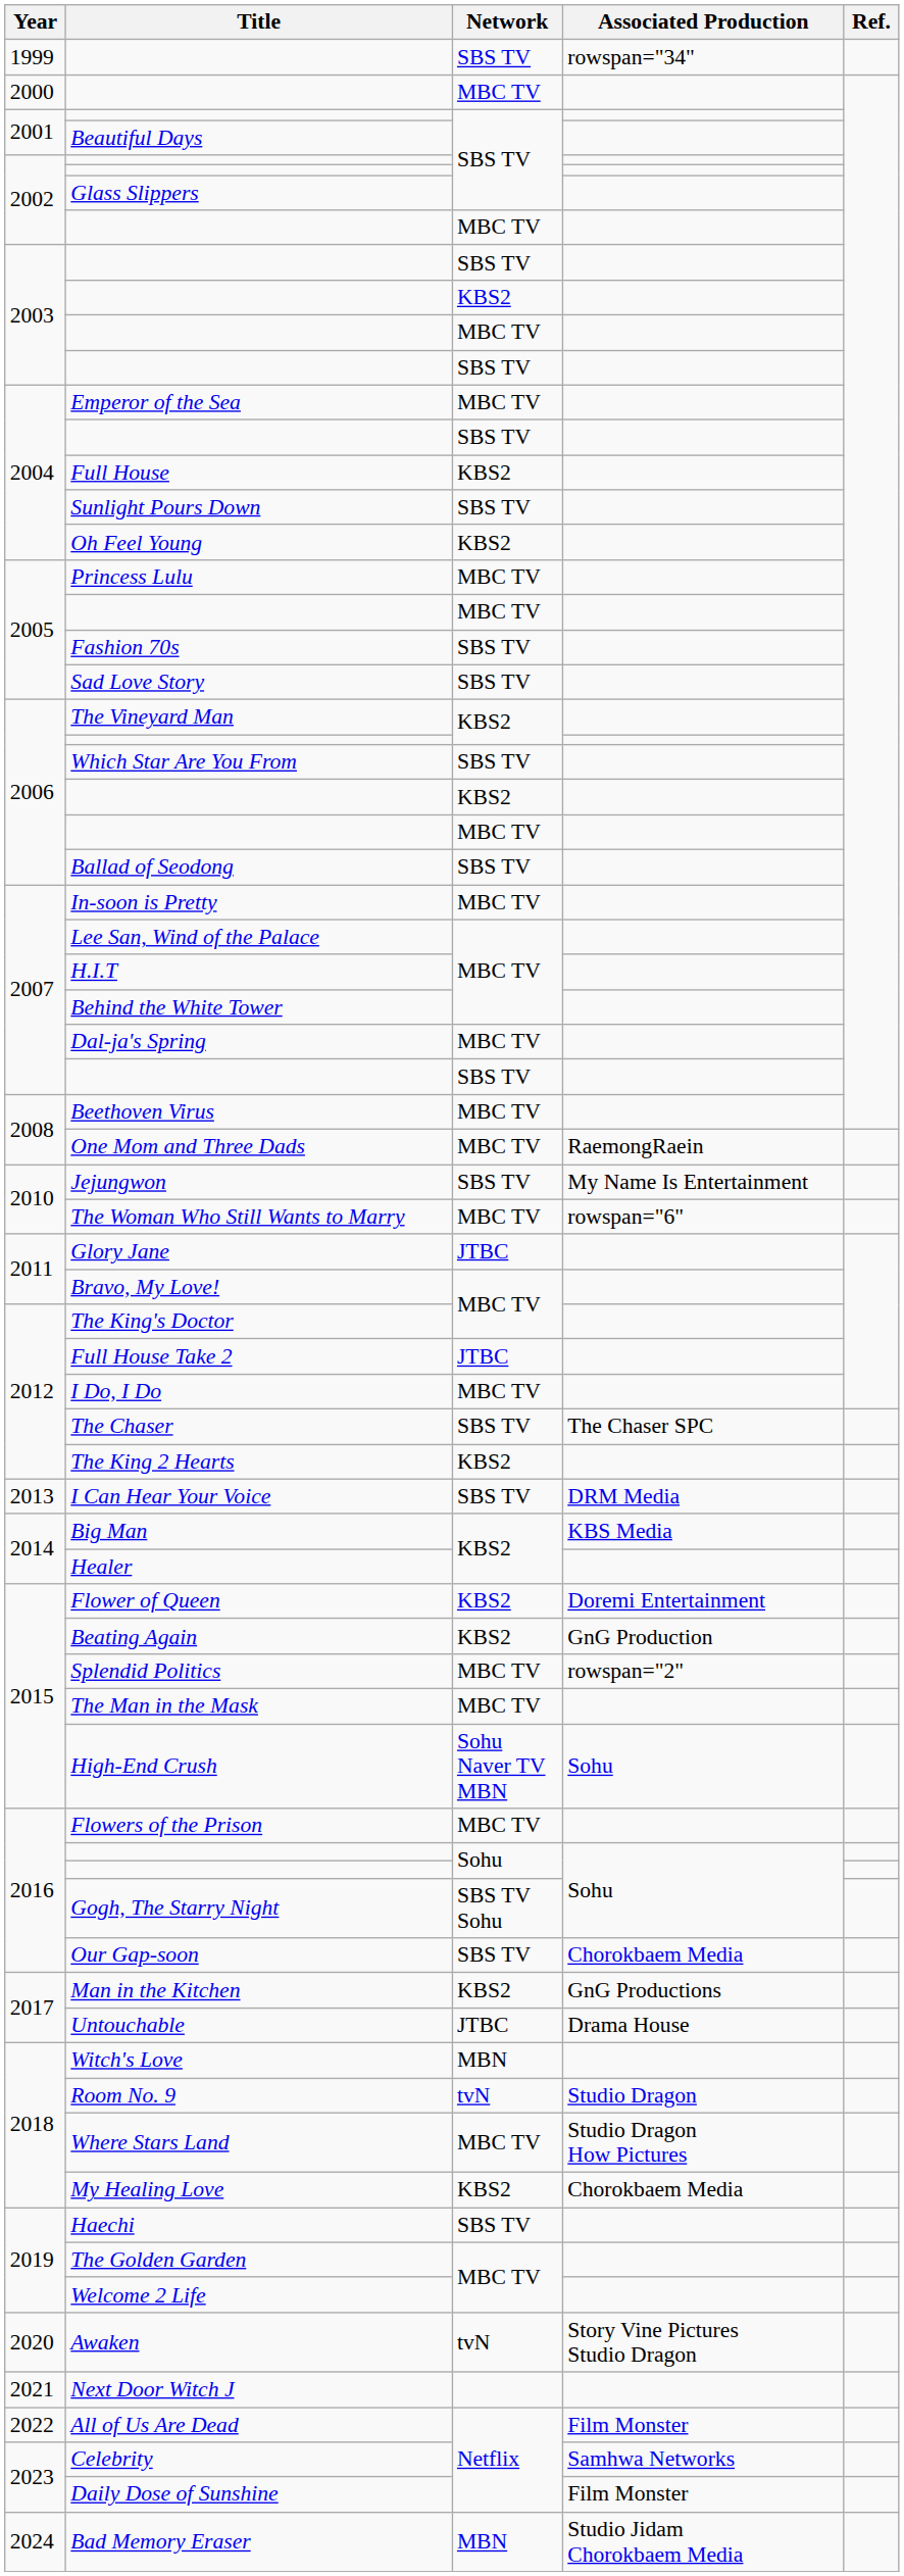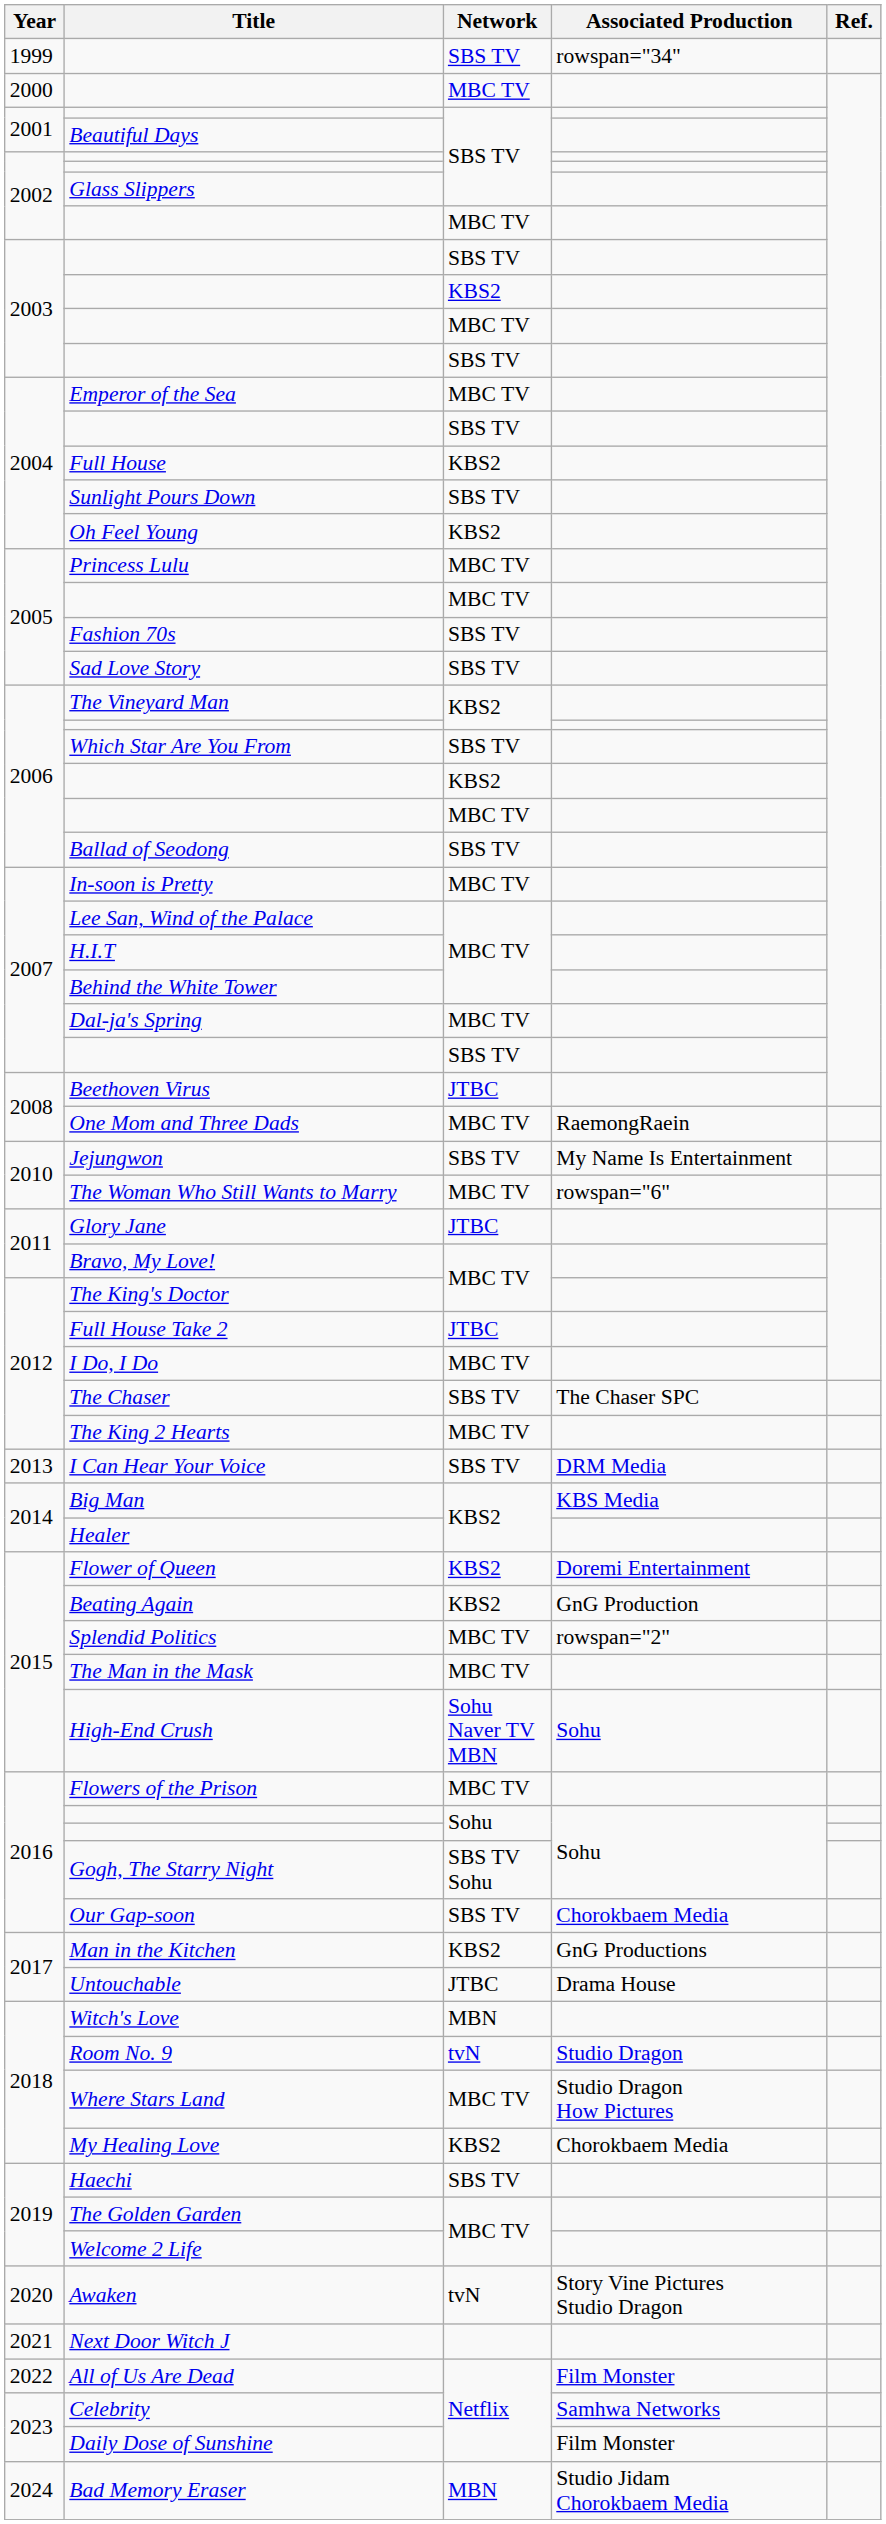 <table class="wikitable" style="width:650px">
 <tr>
 <th>Year</th>
 <th>Title</th>
 <th>Network</th>
 <th>Associated Production</th>
 <th>Ref.</th>
 </tr>
 <tr>
 <td>1999</td>
 <td><em></em></td>
 <td><a href='#'>SBS TV</a></td>
 <td>rowspan="34" </td>
 <td></td>
 </tr>
 <tr>
 <td>2000</td>
 <td><em></em></td>
 <td><a href='#'>MBC TV</a></td>
 <td></td>
 </tr>
 <tr>
 <td rowspan="2">2001</td>
 <td><em></em></td>
 <td rowspan="5">SBS TV</td>
 <td></td>
 </tr>
 <tr>
 <td><em><a href='#'>Beautiful Days</a></em></td>
 <td></td>
 </tr>
 <tr>
 <td rowspan="4">2002</td>
 <td><em></em></td>
 <td></td>
 </tr>
 <tr>
 <td><em></em></td>
 <td></td>
 </tr>
 <tr>
 <td><em><a href='#'>Glass Slippers</a></em></td>
 <td></td>
 </tr>
 <tr>
 <td><em></em></td>
 <td>MBC TV</td>
 <td></td>
 </tr>
 <tr>
 <td rowspan="4">2003</td>
 <td><em></em></td>
 <td>SBS TV</td>
 <td></td>
 </tr>
 <tr>
 <td><em></em></td>
 <td><a href='#'>KBS2</a></td>
 <td></td>
 </tr>
 <tr>
 <td><em></em></td>
 <td>MBC TV</td>
 <td></td>
 </tr>
 <tr>
 <td><em></em></td>
 <td>SBS TV</td>
 <td></td>
 </tr>
 <tr>
 <td rowspan="5">2004</td>
 <td><em><a href='#'>Emperor of the Sea</a></em></td>
 <td>MBC TV</td>
 <td></td>
 </tr>
 <tr>
 <td><em></em></td>
 <td>SBS TV</td>
 <td></td>
 </tr>
 <tr>
 <td><em><a href='#'>Full House</a></em></td>
 <td>KBS2</td>
 <td></td>
 </tr>
 <tr>
 <td><em><a href='#'>Sunlight Pours Down</a></em></td>
 <td>SBS TV</td>
 <td></td>
 </tr>
 <tr>
 <td><em><a href='#'>Oh Feel Young</a></em></td>
 <td>KBS2</td>
 <td></td>
 </tr>
 <tr>
 <td rowspan="4">2005</td>
 <td><em><a href='#'>Princess Lulu</a></em></td>
 <td>MBC TV</td>
 <td></td>
 </tr>
 <tr>
 <td><em></em></td>
 <td>MBC TV</td>
 <td></td>
 </tr>
 <tr>
 <td><em><a href='#'>Fashion 70s</a></em></td>
 <td>SBS TV</td>
 <td></td>
 </tr>
 <tr>
 <td><em><a href='#'>Sad Love Story</a></em></td>
 <td>SBS TV</td>
 <td></td>
 </tr>
 <tr>
 <td rowspan="6">2006</td>
 <td><em><a href='#'>The Vineyard Man</a></em></td>
 <td rowspan="2">KBS2</td>
 <td></td>
 </tr>
 <tr>
 <td><em></em></td>
 <td></td>
 </tr>
 <tr>
 <td><em><a href='#'>Which Star Are You From</a></em></td>
 <td>SBS TV</td>
 <td></td>
 </tr>
 <tr>
 <td><em></em></td>
 <td>KBS2</td>
 <td></td>
 </tr>
 <tr>
 <td><em></em></td>
 <td>MBC TV</td>
 <td></td>
 </tr>
 <tr>
 <td><em><a href='#'>Ballad of Seodong</a></em></td>
 <td>SBS TV</td>
 <td></td>
 </tr>
 <tr>
 <td rowspan="6">2007</td>
 <td><em><a href='#'>In-soon is Pretty</a></em></td>
 <td>MBC TV</td>
 <td></td>
 </tr>
 <tr>
 <td><em><a href='#'>Lee San, Wind of the Palace</a></em></td>
 <td rowspan="3">MBC TV</td>
 <td></td>
 </tr>
 <tr>
 <td><em><a href='#'>H.I.T</a></em></td>
 <td></td>
 </tr>
 <tr>
 <td><em><a href='#'>Behind the White Tower</a></em></td>
 <td></td>
 </tr>
 <tr>
 <td><em><a href='#'>Dal-ja's Spring</a></em></td>
 <td>MBC TV</td>
 <td></td>
 </tr>
 <tr>
 <td><em></em></td>
 <td>SBS TV</td>
 <td></td>
 </tr>
 <tr>
 <td rowspan="2">2008</td>
 <td><em><a href='#'>Beethoven Virus</a></em></td>
-<td>MBC TV</td>
+<td><a href='#'>JTBC</a></td>
 <td></td>
 </tr>
 <tr>
 <td><em><a href='#'>One Mom and Three Dads</a></em></td>
 <td>MBC TV</td>
 <td>RaemongRaein</td>
 <td></td>
 </tr>
 <tr>
 <td rowspan="2">2010</td>
 <td><em><a href='#'>Jejungwon</a></em></td>
 <td>SBS TV</td>
 <td>My Name Is Entertainment</td>
 <td></td>
 </tr>
 <tr>
 <td><em><a href='#'>The Woman Who Still Wants to Marry</a></em></td>
 <td>MBC TV</td>
 <td>rowspan="6" </td>
 <td></td>
 </tr>
 <tr>
 <td rowspan="2">2011</td>
 <td><em><a href='#'>Glory Jane</a></em></td>
 <td><a href='#'>JTBC</a></td>
 <td></td>
 </tr>
 <tr>
 <td><em><a href='#'>Bravo, My Love!</a></em></td>
 <td rowspan="2">MBC TV</td>
 <td></td>
 </tr>
 <tr>
 <td rowspan="5">2012</td>
 <td><em><a href='#'>The King's Doctor</a></em></td>
 <td></td>
 </tr>
 <tr>
 <td><em><a href='#'>Full House Take 2</a></em></td>
 <td><a href='#'>JTBC</a></td>
 <td></td>
 </tr>
 <tr>
 <td><em><a href='#'>I Do, I Do</a></em></td>
 <td>MBC TV</td>
 <td></td>
 </tr>
 <tr>
 <td><em><a href='#'>The Chaser</a></em></td>
 <td>SBS TV</td>
 <td>The Chaser SPC</td>
 <td></td>
 </tr>
 <tr>
 <td><em><a href='#'>The King 2 Hearts</a></em></td>
-<td>KBS2</td>
+<td>MBC TV</td>
 <td></td>
 <td></td>
 </tr>
 <tr>
 <td>2013</td>
 <td><em><a href='#'>I Can Hear Your Voice</a></em></td>
 <td>SBS TV</td>
 <td><a href='#'>DRM Media</a></td>
 <td></td>
 </tr>
 <tr>
 <td rowspan="2">2014</td>
 <td><em><a href='#'>Big Man</a></em></td>
 <td rowspan="2">KBS2</td>
 <td><a href='#'>KBS Media</a></td>
 <td></td>
 </tr>
 <tr>
 <td><em><a href='#'>Healer</a></em></td>
 <td></td>
 <td></td>
 </tr>
 <tr>
 <td rowspan="5">2015</td>
 <td><em><a href='#'>Flower of Queen</a></em></td>
 <td><a href='#'>KBS2</a></td>
 <td><a href='#'>Doremi Entertainment</a></td>
 <td></td>
 </tr>
 <tr>
 <td><em><a href='#'>Beating Again</a></em></td>
 <td>KBS2</td>
 <td>GnG Production</td>
 <td></td>
 </tr>
 <tr>
 <td><em><a href='#'>Splendid Politics</a></em></td>
 <td>MBC TV</td>
 <td>rowspan="2" </td>
 <td></td>
 </tr>
 <tr>
 <td><em><a href='#'>The Man in the Mask</a></em></td>
 <td>MBC TV</td>
 <td></td>
 </tr>
 <tr>
 <td><em><a href='#'>High-End Crush</a></em></td>
 <td><a href='#'>Sohu</a><br><a href='#'>Naver TV</a><br><a href='#'>MBN</a></td>
 <td><a href='#'>Sohu</a></td>
 <td></td>
 </tr>
 <tr>
 <td rowspan="5">2016</td>
 <td><em><a href='#'>Flowers of the Prison</a></em></td>
 <td>MBC TV</td>
 <td></td>
 <td></td>
 </tr>
 <tr>
 <td><em></em></td>
 <td rowspan="2">Sohu</td>
 <td rowspan="3">Sohu</td>
 <td></td>
 </tr>
 <tr>
 <td><em></em></td>
 <td></td>
 </tr>
 <tr>
 <td><em><a href='#'>Gogh, The Starry Night</a></em></td>
 <td>SBS TV<br>Sohu</td>
 <td></td>
 </tr>
 <tr>
 <td><em><a href='#'>Our Gap-soon</a></em></td>
 <td>SBS TV</td>
 <td><a href='#'>Chorokbaem Media</a></td>
 <td></td>
 </tr>
 <tr>
 <td rowspan="2">2017</td>
 <td><em><a href='#'>Man in the Kitchen</a></em></td>
 <td>KBS2</td>
 <td>GnG Productions</td>
 <td></td>
 </tr>
 <tr>
 <td><em><a href='#'>Untouchable</a></em></td>
 <td>JTBC</td>
 <td>Drama House</td>
 <td></td>
 </tr>
 <tr>
 <td rowspan="4">2018</td>
 <td><em><a href='#'>Witch's Love</a></em></td>
 <td>MBN</td>
 <td></td>
 <td></td>
 </tr>
 <tr>
 <td><em><a href='#'>Room No. 9</a></em></td>
 <td><a href='#'>tvN</a></td>
 <td><a href='#'>Studio Dragon</a></td>
 <td></td>
 </tr>
 <tr>
 <td><em><a href='#'>Where Stars Land</a></em></td>
 <td>MBC TV</td>
 <td>Studio Dragon<br><a href='#'>How Pictures</a></td>
 <td></td>
 </tr>
 <tr>
 <td><em><a href='#'>My Healing Love</a></em></td>
 <td>KBS2</td>
 <td>Chorokbaem Media</td>
 <td></td>
 </tr>
 <tr>
 <td rowspan="3">2019</td>
 <td><em><a href='#'>Haechi</a></em></td>
 <td>SBS TV</td>
 <td></td>
 <td></td>
 </tr>
 <tr>
 <td><em><a href='#'>The Golden Garden</a></em></td>
 <td rowspan="2">MBC TV</td>
 <td></td>
 <td></td>
 </tr>
 <tr>
 <td><em><a href='#'>Welcome 2 Life</a></em></td>
 <td></td>
 <td></td>
 </tr>
 <tr>
 <td rowspan="1">2020</td>
 <td><em><a href='#'>Awaken</a></em></td>
 <td>tvN</td>
 <td>Story Vine Pictures<br>Studio Dragon</td>
 <td></td>
 </tr>
 <tr>
 <td>2021</td>
 <td><em><a href='#'>Next Door Witch J</a></em></td>
 <td></td>
 <td></td>
 <td></td>
 </tr>
 <tr>
 <td>2022</td>
 <td><em><a href='#'>All of Us Are Dead</a></em></td>
 <td rowspan="3"><a href='#'>Netflix</a></td>
 <td><a href='#'>Film Monster</a></td>
 <td></td>
 </tr>
 <tr>
 <td rowspan="2">2023</td>
 <td><em><a href='#'>Celebrity</a></em></td>
 <td><a href='#'>Samhwa Networks</a></td>
 <td></td>
 </tr>
 <tr>
 <td><em><a href='#'>Daily Dose of Sunshine</a></em></td>
 <td>Film Monster</td>
 <td></td>
 </tr>
 <tr>
 <td>2024</td>
 <td><em><a href='#'>Bad Memory Eraser</a></em></td>
 <td><a href='#'>MBN</a></td>
 <td>Studio Jidam<br><a href='#'>Chorokbaem Media</a></td>
 <td></td>
 </tr>
 </table>
